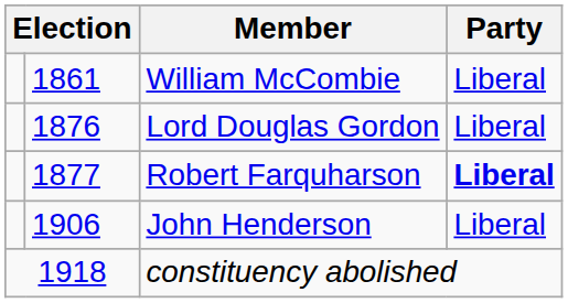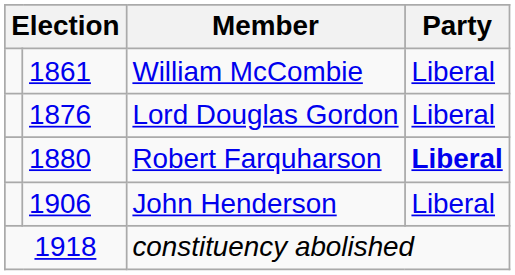 <table class="wikitable">
 <tr>
 <th colspan="2">Election</th>
 <th>Member</th>
 <th>Party</th>
 </tr>
 <tr>
 <td style="color:inherit;background-color: "></td>
 <td><a href='#'>1861</a></td>
 <td><a href='#'>William McCombie</a></td>
 <td><a href='#'>Liberal</a></td>
 </tr>
 <tr>
 <td style="color:inherit;background-color: "></td>
 <td><a href='#'>1876</a></td>
 <td><a href='#'>Lord Douglas Gordon</a></td>
 <td><a href='#'>Liberal</a></td>
 </tr>
 <tr>
 <td style="color:inherit;background-color: "></td>
-<td><a href='#'>1877</a></td>
+<td><a href='#'>1880</a></td>
 <td><a href='#'>Robert Farquharson</a></td>
 <td><strong><a href='#'>Liberal</a></strong></td>
 </tr>
 <tr>
 <td style="color:inherit;background-color: "></td>
 <td><a href='#'>1906</a></td>
 <td><a href='#'>John Henderson</a></td>
 <td><a href='#'>Liberal</a></td>
 </tr>
 <tr>
 <td colspan="2" align="center"><a href='#'>1918</a></td>
 <td colspan="2"><em>constituency abolished</em></td>
 </tr>
 </table>
